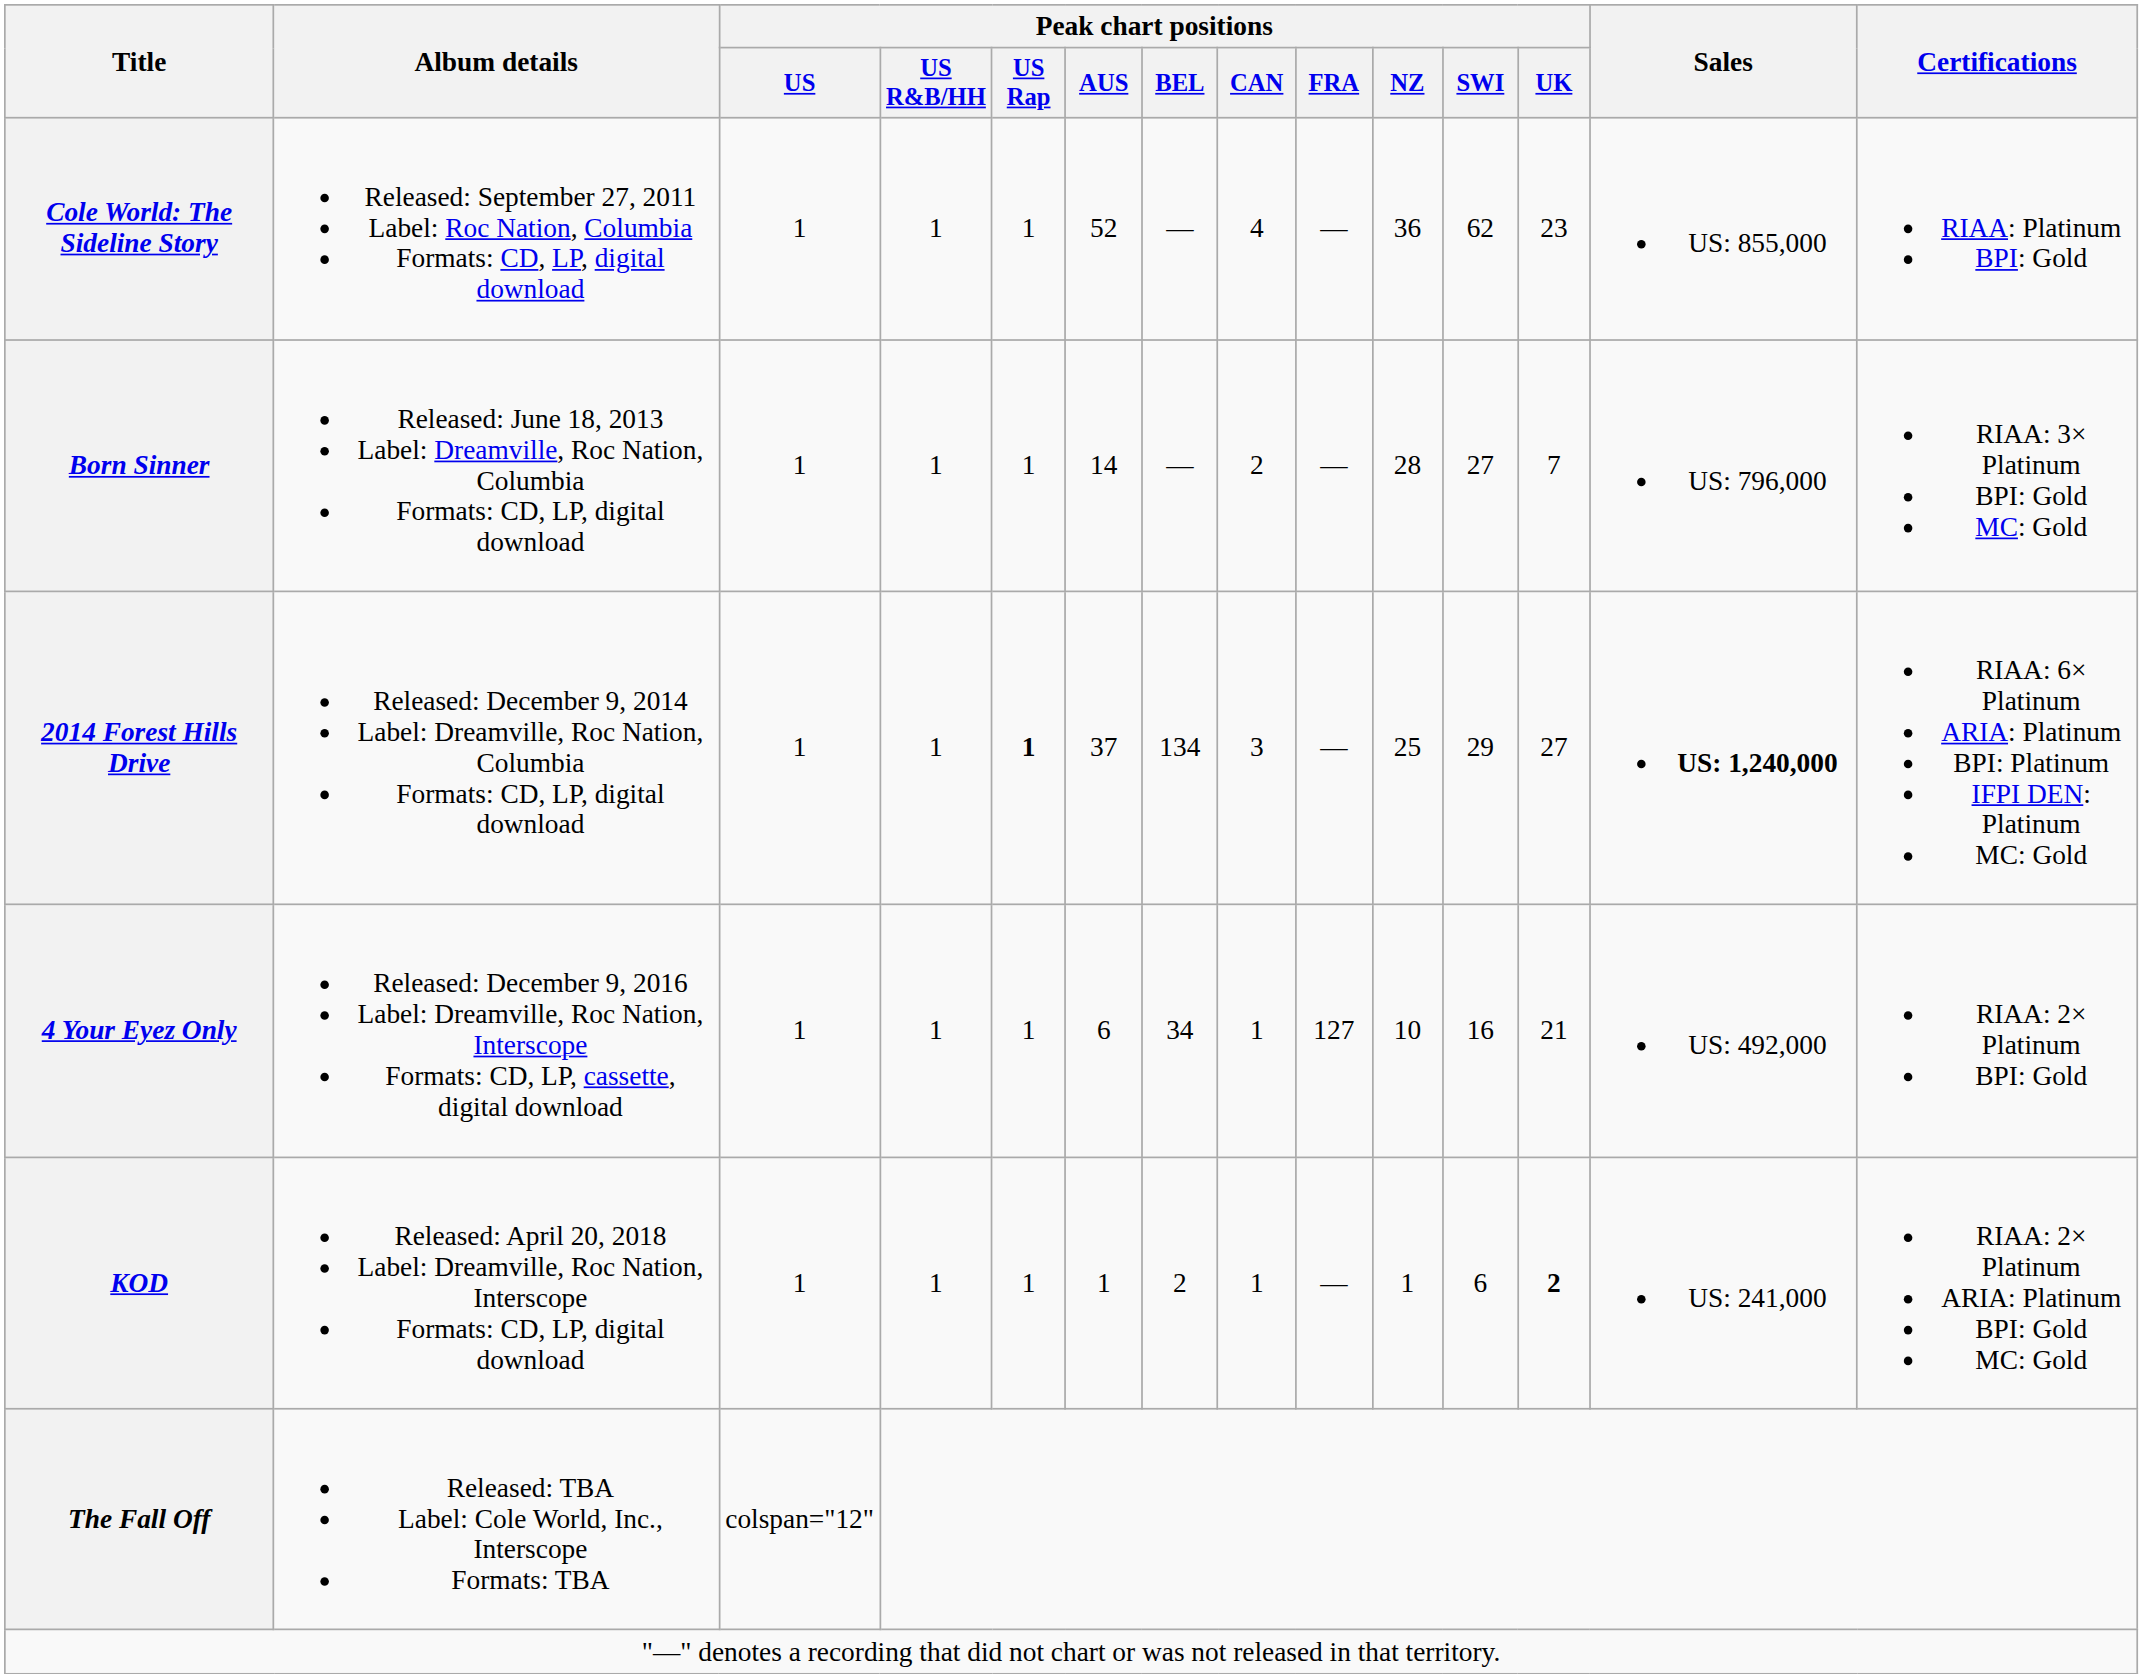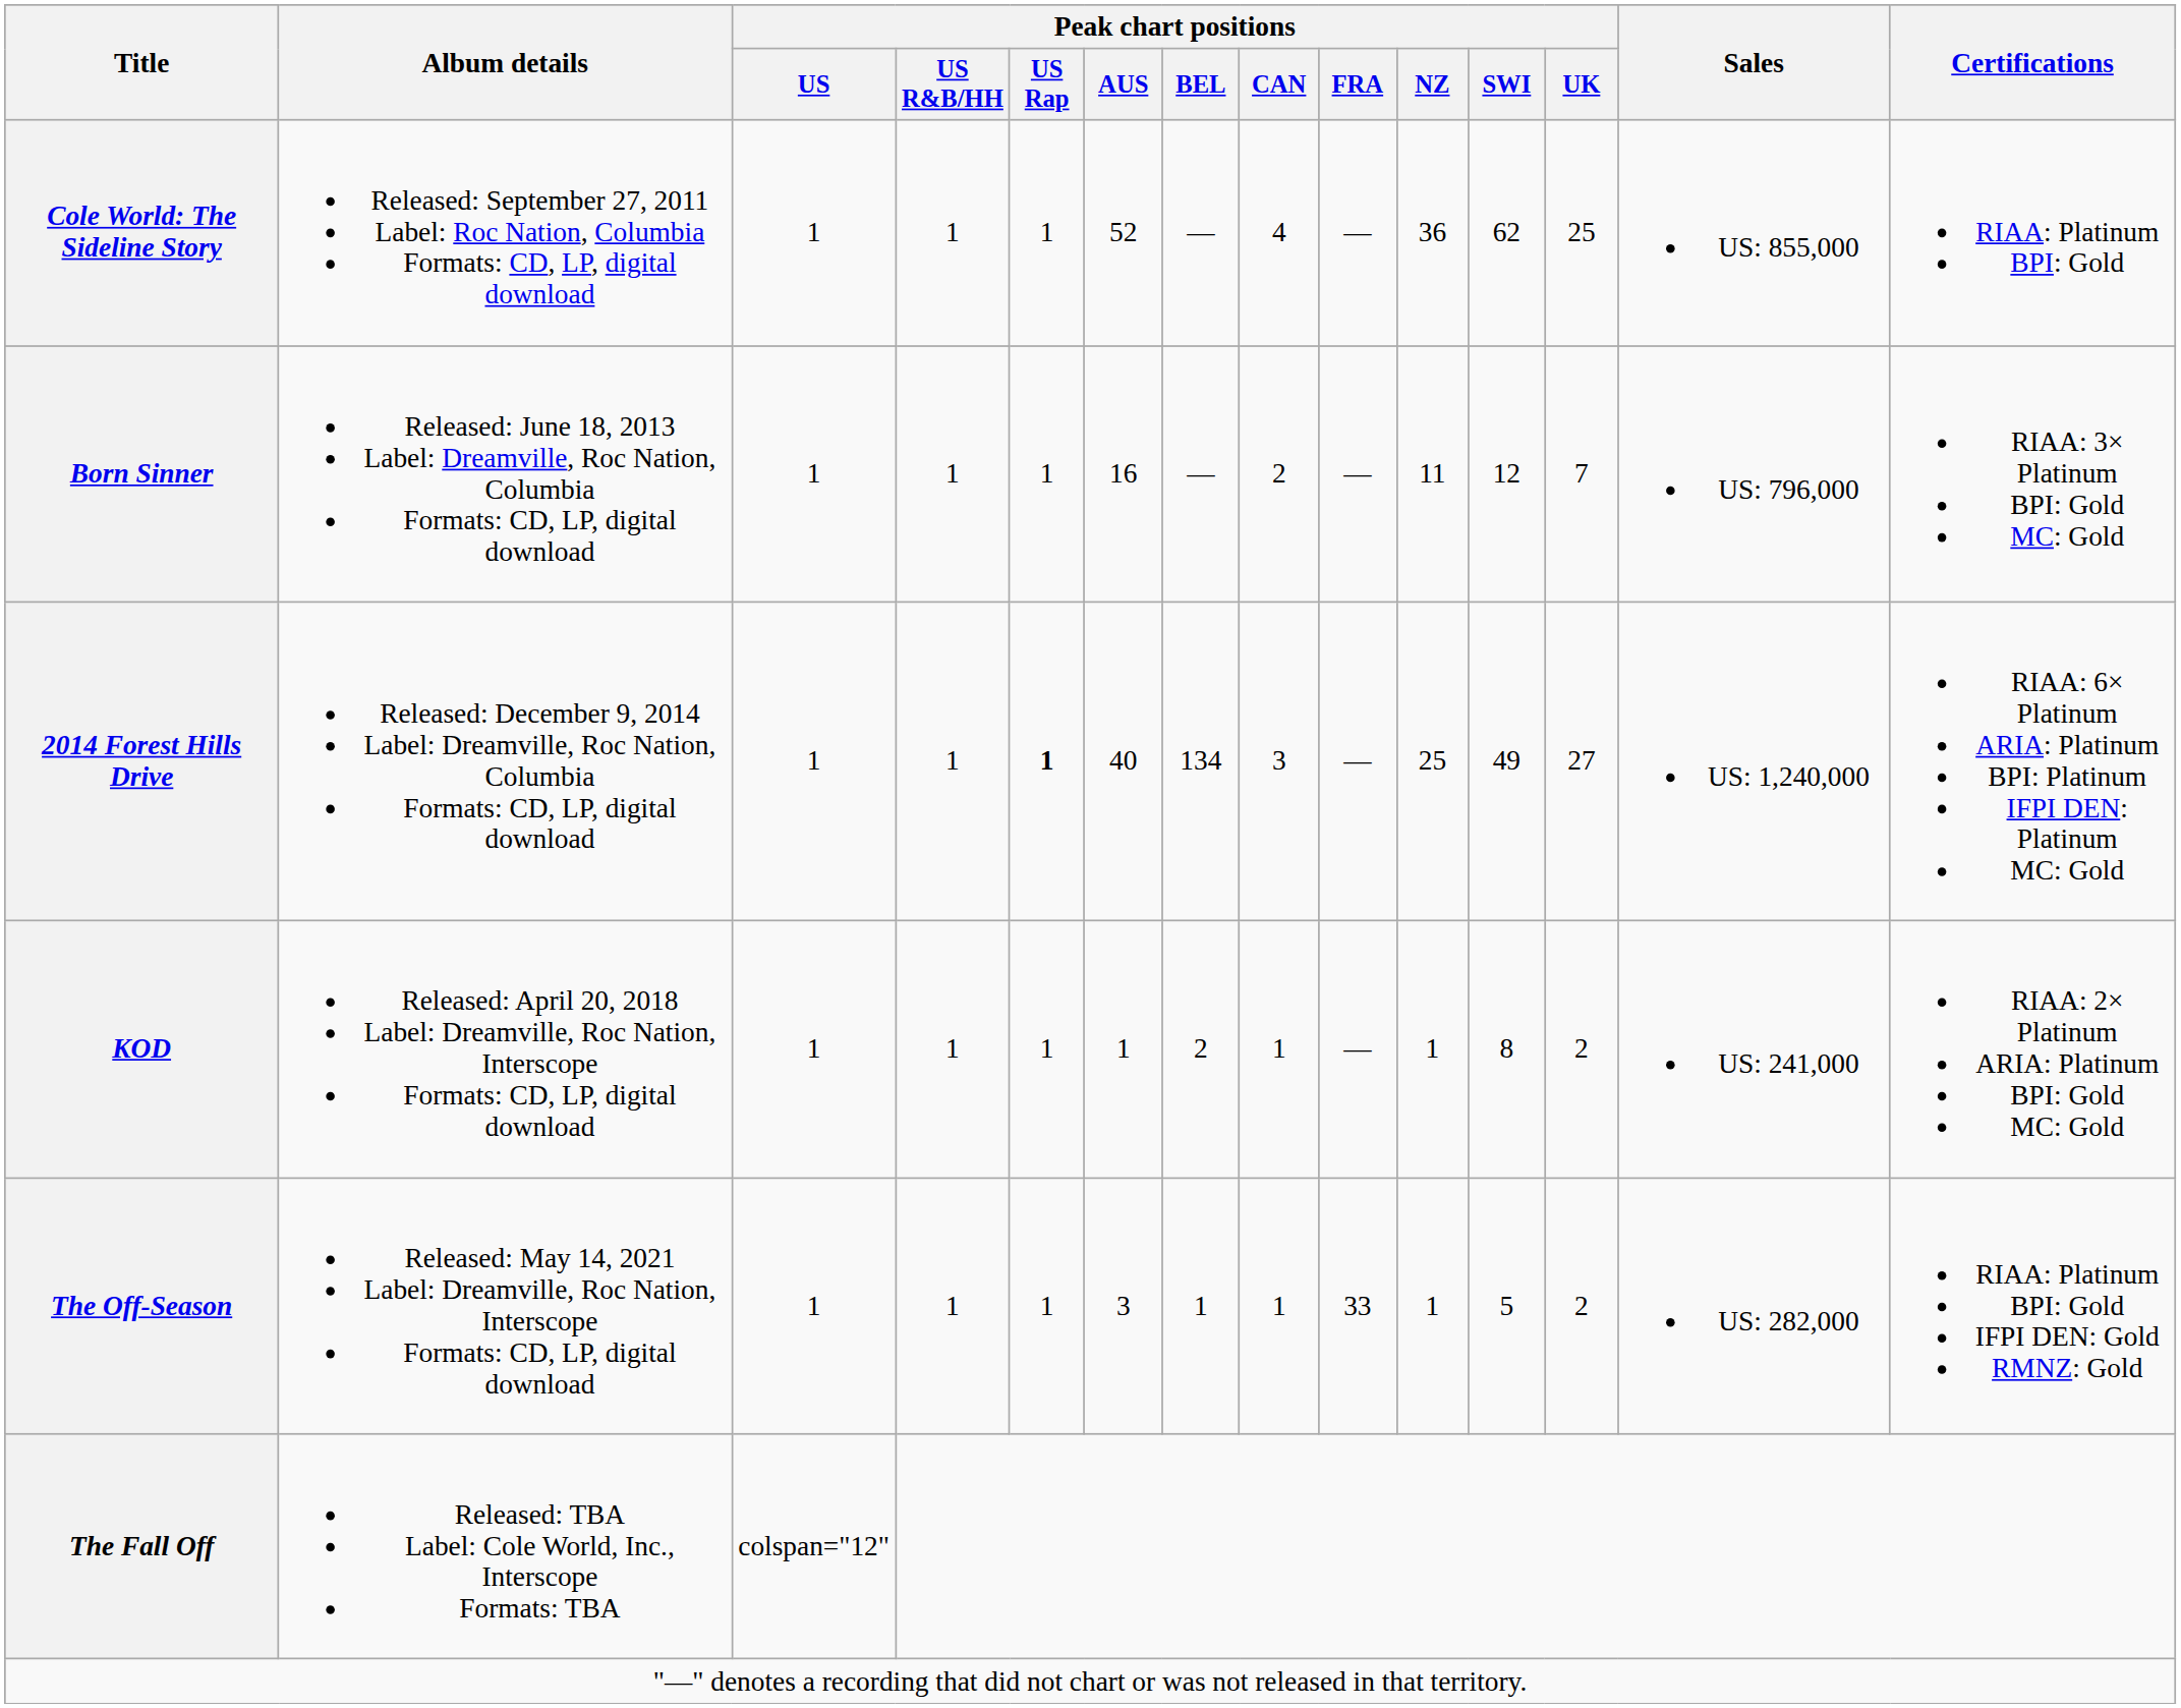 <table class="wikitable plainrowheaders" style="text-align:center;">
 <tr>
 <th scope="col" rowspan="2" style="width:13em;">Title</th>
 <th scope="col" rowspan="2" style="width:21em;">Album details</th>
 <th scope="col" colspan="10">Peak chart positions</th>
 <th scope="col" rowspan="2" style="width:11em;">Sales</th>
 <th scope="col" rowspan="2" style="width:12em;"><a href='#'>Certifications</a></th>
 </tr>
 <tr>
 <th scope="col" style="width:3em;font-size:90%;"><a href='#'>US</a><br></th>
 <th scope="col" style="width:3em;font-size:90%;"><a href='#'>US<br>R&B/HH</a><br></th>
 <th scope="col" style="width:3em;font-size:90%;"><a href='#'>US<br>Rap</a><br></th>
 <th scope="col" style="width:3em;font-size:90%;"><a href='#'>AUS</a><br></th>
 <th scope="col" style="width:3em;font-size:90%;"><a href='#'>BEL</a><br></th>
 <th scope="col" style="width:3em;font-size:90%;"><a href='#'>CAN</a><br></th>
 <th scope="col" style="width:3em;font-size:90%;"><a href='#'>FRA</a><br></th>
 <th scope="col" style="width:3em;font-size:90%;"><a href='#'>NZ</a><br></th>
 <th scope="col" style="width:3em;font-size:90%;"><a href='#'>SWI</a><br></th>
 <th scope="col" style="width:3em;font-size:90%;"><a href='#'>UK</a><br></th>
 </tr>
 <tr>
 <th scope="row"><em><a href='#'>Cole World: The Sideline Story</a></em></th>
 <td><br><ul><li>Released: September 27, 2011</li><li>Label: <a href='#'>Roc Nation</a>, <a href='#'>Columbia</a></li><li>Formats: <a href='#'>CD</a>, <a href='#'>LP</a>, <a href='#'>digital download</a></li></ul></td>
 <td>1</td>
 <td>1</td>
 <td>1</td>
 <td>52</td>
 <td>—</td>
 <td>4</td>
 <td>—</td>
 <td>36</td>
 <td>62</td>
-<td>23</td>
+<td>25</td>
 <td><br><ul><li>US: 855,000</li></ul></td>
 <td><br><ul><li><a href='#'>RIAA</a>: Platinum</li><li><a href='#'>BPI</a>: Gold</li></ul></td>
 </tr>
 <tr>
 <th scope="row"><em><a href='#'>Born Sinner</a></em></th>
 <td><br><ul><li>Released: June 18, 2013</li><li>Label: <a href='#'>Dreamville</a>, Roc Nation, Columbia</li><li>Formats: CD, LP, digital download</li></ul></td>
 <td>1</td>
 <td>1</td>
 <td>1</td>
-<td>14</td>
+<td>16</td>
 <td>—</td>
 <td>2</td>
 <td>—</td>
-<td>28</td>
-<td>27</td>
+<td>11</td>
+<td>12</td>
 <td>7</td>
 <td><br><ul><li>US: 796,000</li></ul></td>
 <td><br><ul><li>RIAA: 3× Platinum</li><li>BPI: Gold</li><li><a href='#'>MC</a>: Gold</li></ul></td>
 </tr>
 <tr>
 <th scope="row"><em><a href='#'>2014 Forest Hills Drive</a></em></th>
 <td><br><ul><li>Released: December 9, 2014</li><li>Label: Dreamville, Roc Nation, Columbia</li><li>Formats: CD, LP, digital download</li></ul></td>
 <td>1</td>
 <td>1</td>
 <td><strong>1</strong></td>
-<td>37</td>
+<td>40</td>
 <td>134</td>
 <td>3</td>
 <td>—</td>
 <td>25</td>
-<td>29</td>
+<td>49</td>
 <td>27</td>
-<td><strong><br><ul><li>US: 1,240,000</li></ul></strong></td>
+<td><br><ul><li>US: 1,240,000</li></ul></td>
 <td><br><ul><li>RIAA: 6× Platinum</li><li><a href='#'>ARIA</a>: Platinum</li><li>BPI: Platinum</li><li><a href='#'>IFPI DEN</a>: Platinum</li><li>MC: Gold</li></ul></td>
-</tr>
-<tr>
-<th scope="row"><em><a href='#'>4 Your Eyez Only</a></em></th>
-<td><br><ul><li>Released: December 9, 2016</li><li>Label: Dreamville, Roc Nation, <a href='#'>Interscope</a></li><li>Formats: CD, LP, <a href='#'>cassette</a>, digital download</li></ul></td>
-<td>1</td>
-<td>1</td>
-<td>1</td>
-<td>6</td>
-<td>34</td>
-<td>1</td>
-<td>127</td>
-<td>10</td>
-<td>16</td>
-<td>21</td>
-<td><br><ul><li>US: 492,000</li></ul></td>
-<td><br><ul><li>RIAA: 2× Platinum</li><li>BPI: Gold</li></ul></td>
 </tr>
 <tr>
 <th scope="row"><em><a href='#'>KOD</a></em></th>
 <td><br><ul><li>Released: April 20, 2018</li><li>Label: Dreamville, Roc Nation, Interscope</li><li>Formats: CD, LP, digital download</li></ul></td>
 <td>1</td>
 <td>1</td>
 <td>1</td>
 <td>1</td>
 <td>2</td>
 <td>1</td>
 <td>—</td>
 <td>1</td>
-<td>6</td>
-<td><strong>2</strong></td>
+<td>8</td>
+<td>2</td>
 <td><br><ul><li>US: 241,000</li></ul></td>
 <td><br><ul><li>RIAA: 2× Platinum</li><li>ARIA: Platinum</li><li>BPI: Gold</li><li>MC: Gold</li></ul></td>
+</tr>
+<tr>
+<th scope="row"><em><a href='#'>The Off-Season</a></em></th>
+<td><br><ul><li>Released: May 14, 2021</li><li>Label: Dreamville, Roc Nation, Interscope</li><li>Formats: CD, LP, digital download</li></ul></td>
+<td>1</td>
+<td>1</td>
+<td>1</td>
+<td>3</td>
+<td>1</td>
+<td>1</td>
+<td>33</td>
+<td>1</td>
+<td>5</td>
+<td>2</td>
+<td><br><ul><li>US: 282,000</li></ul></td>
+<td><br><ul><li>RIAA: Platinum</li><li>BPI: Gold</li><li>IFPI DEN: Gold</li><li><a href='#'>RMNZ</a>: Gold</li></ul></td>
 </tr>
 <tr>
 <th scope="row"><em>The Fall Off</em></th>
 <td><br><ul><li>Released: TBA</li><li>Label: Cole World, Inc., Interscope</li><li>Formats: TBA</li></ul></td>
 <td>colspan="12" </td>
 </tr>
 <tr>
 <td colspan ="14">"—" denotes a recording that did not chart or was not released in that territory.</td>
 </tr>
 </table>
